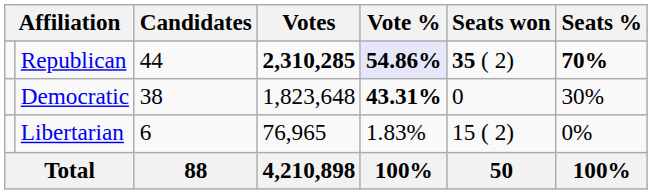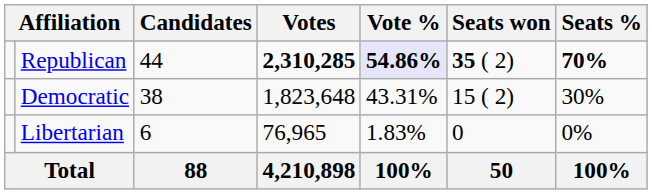 <table class="wikitable">
 <tr>
 <th colspan="2">Affiliation</th>
 <th>Candidates</th>
 <th>Votes</th>
 <th>Vote %</th>
 <th>Seats won</th>
 <th>Seats %</th>
 </tr>
 <tr>
 <td style="background-color:"></td>
 <td><a href='#'>Republican</a></td>
 <td>44</td>
 <td><strong>2,310,285</strong></td>
 <td style="background: lavender;"><strong>54.86%</strong></td>
 <td><strong>35</strong> ( 2)</td>
 <td><strong>70%</strong></td>
 </tr>
 <tr>
 <td style="background-color:"></td>
 <td><a href='#'>Democratic</a></td>
 <td>38</td>
 <td>1,823,648</td>
-<td><strong>43.31%</strong></td>
-<td>0</td>
+<td>43.31%</td>
+<td>15 ( 2)</td>
 <td>30%</td>
 </tr>
 <tr>
 <td style="background-color:"></td>
 <td><a href='#'>Libertarian</a></td>
 <td>6</td>
 <td>76,965</td>
 <td>1.83%</td>
-<td>15 ( 2)</td>
+<td>0</td>
 <td>0%</td>
 </tr>
 <tr>
 <th colspan=2>Total</th>
 <th>88</th>
 <th>4,210,898</th>
 <th>100%</th>
 <th>50</th>
 <th>100%</th>
 </tr>
 </table>
